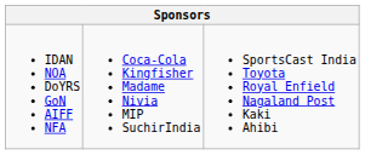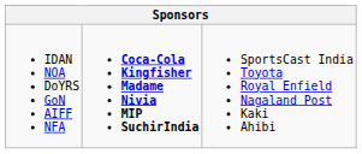 <table class="wikitable">
 <tr>
 <th colspan="3">Sponsors</th>
 </tr>
 <tr>
 <td><br><ul><li>IDAN</li><li><a href='#'>NOA</a></li><li>DoYRS</li><li><a href='#'>GoN</a></li><li><a href='#'>AIFF</a></li><li><a href='#'>NFA</a></li></ul></td>
-<td><br><ul><li><a href='#'>Coca-Cola</a></li><li><a href='#'>Kingfisher</a></li><li><a href='#'>Madame</a></li><li><a href='#'>Nivia</a></li><li>MIP</li><li>SuchirIndia</li></ul></td>
+<td><strong><br><ul><li><a href='#'>Coca-Cola</a></li><li><a href='#'>Kingfisher</a></li><li><a href='#'>Madame</a></li><li><a href='#'>Nivia</a></li><li>MIP</li><li>SuchirIndia</li></ul></strong></td>
 <td><br><ul><li>SportsCast India</li><li><a href='#'>Toyota</a></li><li><a href='#'>Royal Enfield</a></li><li><a href='#'>Nagaland Post</a></li><li>Kaki</li><li>Ahibi</li></ul></td>
 </tr>
 </table>
